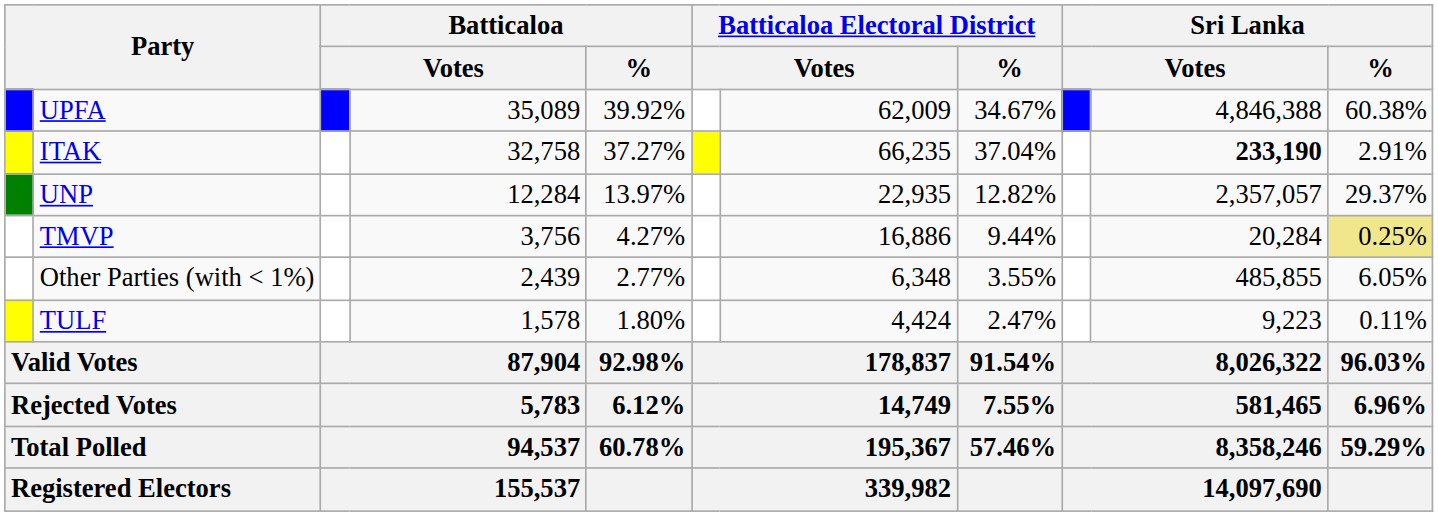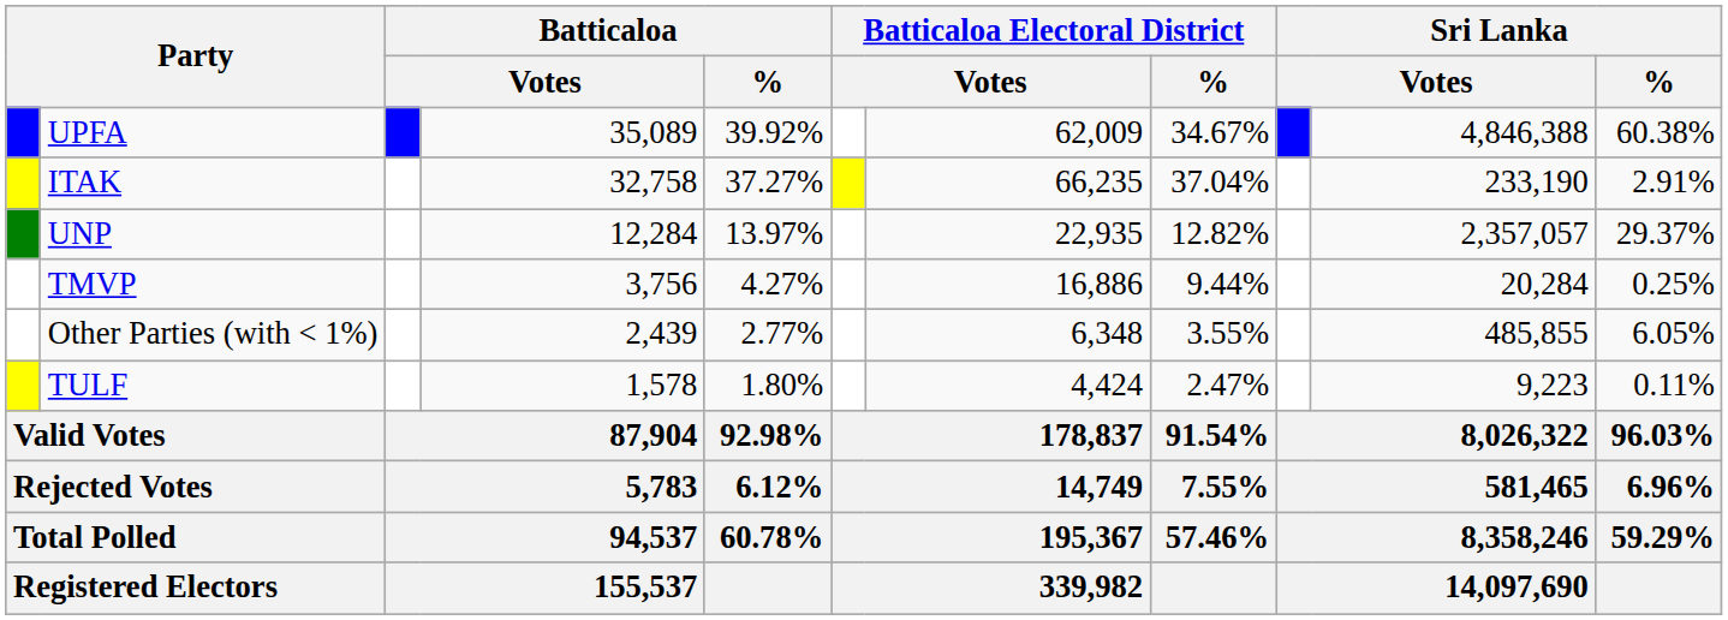 <table class="wikitable">
 <tr>
 <th colspan="2" width="144px"rowspan="2">Party</th>
 <th colspan="3" width="216px">Batticaloa</th>
 <th colspan="3" width="216px"><a href='#'>Batticaloa Electoral District</a></th>
 <th colspan="3" width="216px">Sri Lanka</th>
 </tr>
 <tr>
 <th colspan="2" width="144px">Votes</th>
 <th>%</th>
 <th colspan="2" width="144px">Votes</th>
 <th>%</th>
 <th colspan="2" width="144px">Votes</th>
 <th>%</th>
 </tr>
 <tr>
 <td style="background-color:blue;" width="10px"></td>
 <td style="text-align:left;"><a href='#'>UPFA</a></td>
 <td style="background-color:blue;" width="10px"></td>
 <td style="text-align:right;">35,089</td>
 <td style="text-align:right;">39.92%</td>
 <td style="background-color:white;" width="10px"></td>
 <td style="text-align:right;">62,009</td>
 <td style="text-align:right;">34.67%</td>
 <td style="background-color:blue;" width="10px"></td>
 <td style="text-align:right;">4,846,388</td>
 <td style="text-align:right;">60.38%</td>
 </tr>
 <tr>
 <td style="background-color:yellow;" width="10px"></td>
 <td style="text-align:left;"><a href='#'>ITAK</a></td>
 <td style="background-color:white;" width="10px"></td>
 <td style="text-align:right;">32,758</td>
 <td style="text-align:right;">37.27%</td>
 <td style="background-color:yellow;" width="10px"></td>
 <td style="text-align:right;">66,235</td>
 <td style="text-align:right;">37.04%</td>
 <td style="background-color:white;" width="10px"></td>
-<td style="text-align:right;"><strong>233,190</strong></td>
+<td style="text-align:right;">233,190</td>
 <td style="text-align:right;">2.91%</td>
 </tr>
 <tr>
 <td style="background-color:green;" width="10px"></td>
 <td style="text-align:left;"><a href='#'>UNP</a></td>
 <td style="background-color:white;" width="10px"></td>
 <td style="text-align:right;">12,284</td>
 <td style="text-align:right;">13.97%</td>
 <td style="background-color:white;" width="10px"></td>
 <td style="text-align:right;">22,935</td>
 <td style="text-align:right;">12.82%</td>
 <td style="background-color:white;" width="10px"></td>
 <td style="text-align:right;">2,357,057</td>
 <td style="text-align:right;">29.37%</td>
 </tr>
 <tr>
 <td style="background-color:white;" width="10px"></td>
 <td style="text-align:left;"><a href='#'>TMVP</a></td>
 <td style="background-color:white;" width="10px"></td>
 <td style="text-align:right;">3,756</td>
 <td style="text-align:right;">4.27%</td>
 <td style="background-color:white;" width="10px"></td>
 <td style="text-align:right;">16,886</td>
 <td style="text-align:right;">9.44%</td>
 <td style="background-color:white;" width="10px"></td>
 <td style="text-align:right;">20,284</td>
-<td style="background: khaki; text-align:right;">0.25%</td>
+<td style="text-align:right;">0.25%</td>
 </tr>
 <tr>
 <td style="background-color:white;" width="10px"></td>
 <td style="text-align:left;">Other Parties (with < 1%)</td>
 <td style="background-color:white;" width="10px"></td>
 <td style="text-align:right;">2,439</td>
 <td style="text-align:right;">2.77%</td>
 <td style="background-color:white;" width="10px"></td>
 <td style="text-align:right;">6,348</td>
 <td style="text-align:right;">3.55%</td>
 <td style="background-color:white;" width="10px"></td>
 <td style="text-align:right;">485,855</td>
 <td style="text-align:right;">6.05%</td>
 </tr>
 <tr>
 <td style="background-color:yellow;" width="10px"></td>
 <td style="text-align:left;"><a href='#'>TULF</a></td>
 <td style="background-color:white;" width="10px"></td>
 <td style="text-align:right;">1,578</td>
 <td style="text-align:right;">1.80%</td>
 <td style="background-color:white;" width="10px"></td>
 <td style="text-align:right;">4,424</td>
 <td style="text-align:right;">2.47%</td>
 <td style="background-color:white;" width="10px"></td>
 <td style="text-align:right;">9,223</td>
 <td style="text-align:right;">0.11%</td>
 </tr>
 <tr>
 <th colspan="2" width="144px"style="text-align:left;">Valid Votes</th>
 <th style="text-align:right;"colspan="2" width="144px">87,904</th>
 <th style="text-align:right;">92.98%</th>
 <th style="text-align:right;"colspan="2" width="144px">178,837</th>
 <th style="text-align:right;">91.54%</th>
 <th style="text-align:right;"colspan="2" width="144px">8,026,322</th>
 <th style="text-align:right;">96.03%</th>
 </tr>
 <tr>
 <th colspan="2" width="144px"style="text-align:left;">Rejected Votes</th>
 <th style="text-align:right;"colspan="2" width="144px">5,783</th>
 <th style="text-align:right;">6.12%</th>
 <th style="text-align:right;"colspan="2" width="144px">14,749</th>
 <th style="text-align:right;">7.55%</th>
 <th style="text-align:right;"colspan="2" width="144px">581,465</th>
 <th style="text-align:right;">6.96%</th>
 </tr>
 <tr>
 <th colspan="2" width="144px"style="text-align:left;">Total Polled</th>
 <th style="text-align:right;"colspan="2" width="144px">94,537</th>
 <th style="text-align:right;">60.78%</th>
 <th style="text-align:right;"colspan="2" width="144px">195,367</th>
 <th style="text-align:right;">57.46%</th>
 <th style="text-align:right;"colspan="2" width="144px">8,358,246</th>
 <th style="text-align:right;">59.29%</th>
 </tr>
 <tr>
 <th colspan="2" width="144px"style="text-align:left;">Registered Electors</th>
 <th style="text-align:right;"colspan="2" width="144px">155,537</th>
 <th></th>
 <th style="text-align:right;"colspan="2" width="144px">339,982</th>
 <th></th>
 <th style="text-align:right;"colspan="2" width="144px">14,097,690</th>
 <th></th>
 </tr>
 </table>
